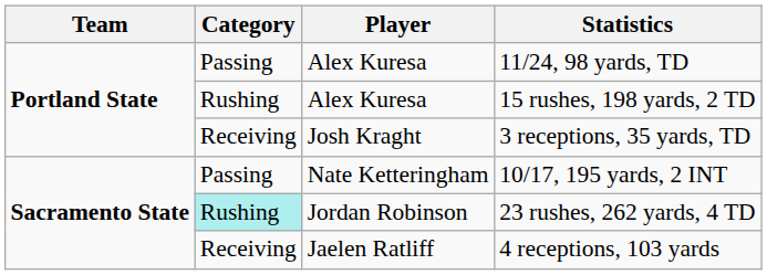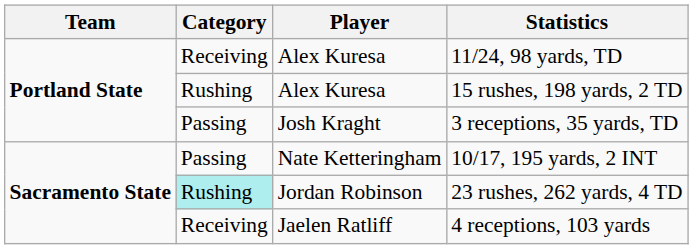 <table class="wikitable" style="float: left;">
 <tr>
 <th>Team</th>
 <th>Category</th>
 <th>Player</th>
 <th>Statistics</th>
 </tr>
 <tr>
 <td rowspan=3><strong>Portland State</strong></td>
-<td>Passing</td>
+<td>Receiving</td>
 <td>Alex Kuresa</td>
 <td>11/24, 98 yards, TD</td>
 </tr>
 <tr>
 <td>Rushing</td>
 <td>Alex Kuresa</td>
 <td>15 rushes, 198 yards, 2 TD</td>
 </tr>
 <tr>
-<td>Receiving</td>
+<td>Passing</td>
 <td>Josh Kraght</td>
 <td>3 receptions, 35 yards, TD</td>
 </tr>
 <tr>
 <td rowspan=3><strong>Sacramento State</strong></td>
 <td>Passing</td>
 <td>Nate Ketteringham</td>
 <td>10/17, 195 yards, 2 INT</td>
 </tr>
 <tr>
 <td style="background: paleturquoise;">Rushing</td>
 <td>Jordan Robinson</td>
 <td>23 rushes, 262 yards, 4 TD</td>
 </tr>
 <tr>
 <td>Receiving</td>
 <td>Jaelen Ratliff</td>
 <td>4 receptions, 103 yards</td>
 </tr>
 </table>
